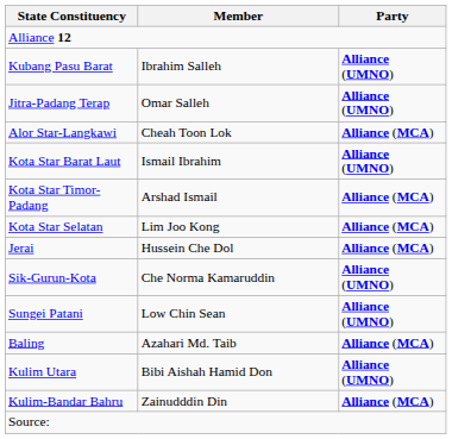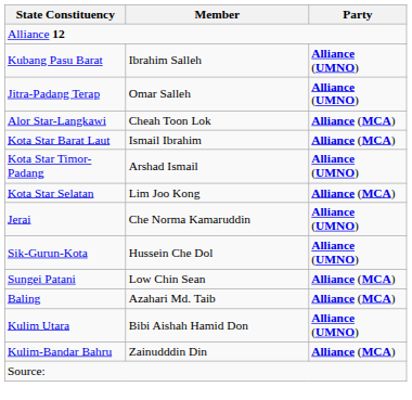 <table class="wikitable sortable">
 <tr>
 <th style="width:150px;">State Constituency</th>
 <th style="width:230px;">Member</th>
 <th style="width:120px;">Party</th>
 </tr>
 <tr>
 <td colspan="3"><a href='#'>Alliance</a> <strong>12</strong></td>
 </tr>
 <tr>
 <td><a href='#'>Kubang Pasu Barat</a></td>
 <td>Ibrahim Salleh</td>
 <td><strong><a href='#'>Alliance</a></strong> (<strong><a href='#'>UMNO</a></strong>)</td>
 </tr>
 <tr>
 <td><a href='#'>Jitra-Padang Terap</a></td>
 <td>Omar Salleh</td>
 <td><strong><a href='#'>Alliance</a></strong> (<strong><a href='#'>UMNO</a></strong>)</td>
 </tr>
 <tr>
 <td><a href='#'>Alor Star-Langkawi</a></td>
 <td>Cheah Toon Lok</td>
 <td><strong><a href='#'>Alliance</a></strong> (<strong><a href='#'>MCA</a></strong>)</td>
 </tr>
 <tr>
 <td><a href='#'>Kota Star Barat Laut</a></td>
 <td>Ismail Ibrahim</td>
-<td><strong><a href='#'>Alliance</a></strong> (<strong><a href='#'>UMNO</a></strong>)</td>
+<td><strong><a href='#'>Alliance</a></strong> (<strong><a href='#'>MCA</a></strong>)</td>
 </tr>
 <tr>
 <td><a href='#'>Kota Star Timor-Padang</a></td>
 <td>Arshad Ismail</td>
-<td><strong><a href='#'>Alliance</a></strong> (<strong><a href='#'>MCA</a></strong>)</td>
+<td><strong><a href='#'>Alliance</a></strong> (<strong><a href='#'>UMNO</a></strong>)</td>
 </tr>
 <tr>
 <td><a href='#'>Kota Star Selatan</a></td>
 <td>Lim Joo Kong</td>
 <td><strong><a href='#'>Alliance</a></strong> (<strong><a href='#'>MCA</a></strong>)</td>
 </tr>
 <tr>
 <td><a href='#'>Jerai</a></td>
-<td>Hussein Che Dol</td>
-<td><strong><a href='#'>Alliance</a></strong> (<strong><a href='#'>MCA</a></strong>)</td>
+<td>Che Norma Kamaruddin</td>
+<td><strong><a href='#'>Alliance</a></strong> (<strong><a href='#'>UMNO</a></strong>)</td>
 </tr>
 <tr>
 <td><a href='#'>Sik-Gurun-Kota</a></td>
-<td>Che Norma Kamaruddin</td>
+<td>Hussein Che Dol</td>
 <td><strong><a href='#'>Alliance</a></strong> (<strong><a href='#'>UMNO</a></strong>)</td>
 </tr>
 <tr>
 <td><a href='#'>Sungei Patani</a></td>
 <td>Low Chin Sean</td>
-<td><strong><a href='#'>Alliance</a></strong> (<strong><a href='#'>UMNO</a></strong>)</td>
+<td><strong><a href='#'>Alliance</a></strong> (<strong><a href='#'>MCA</a></strong>)</td>
 </tr>
 <tr>
 <td><a href='#'>Baling</a></td>
 <td>Azahari Md. Taib</td>
 <td><strong><a href='#'>Alliance</a></strong> (<strong><a href='#'>MCA</a></strong>)</td>
 </tr>
 <tr>
 <td><a href='#'>Kulim Utara</a></td>
 <td>Bibi Aishah Hamid Don</td>
 <td><strong><a href='#'>Alliance</a></strong> (<strong><a href='#'>UMNO</a></strong>)</td>
 </tr>
 <tr>
 <td><a href='#'>Kulim-Bandar Bahru</a></td>
 <td>Zainudddin Din</td>
 <td><strong><a href='#'>Alliance</a></strong> (<strong><a href='#'>MCA</a></strong>)</td>
 </tr>
 <tr>
 <td colspan="3">Source:</td>
 </tr>
 </table>
